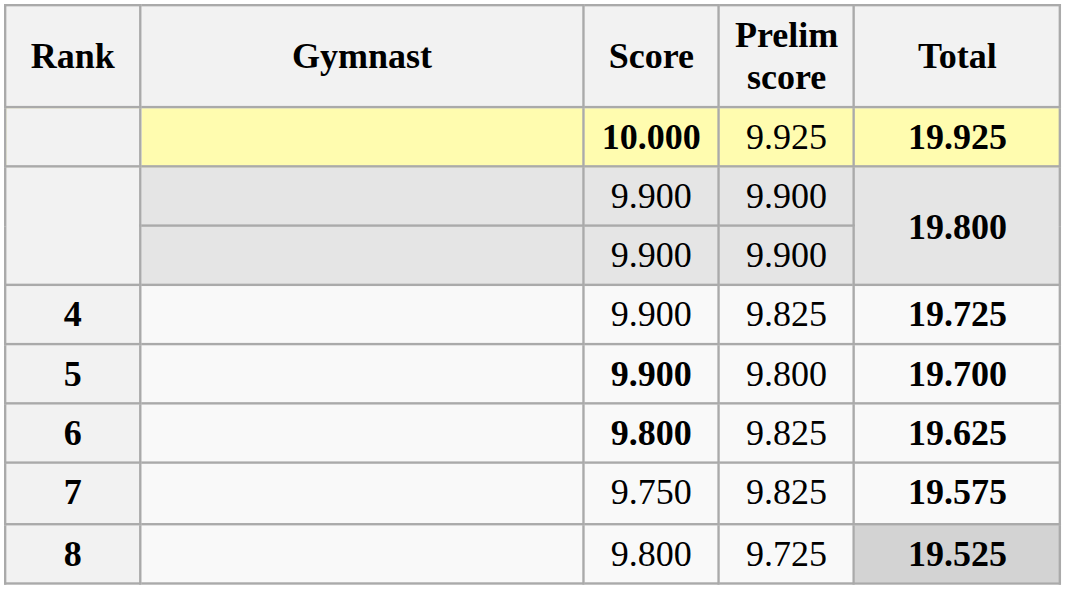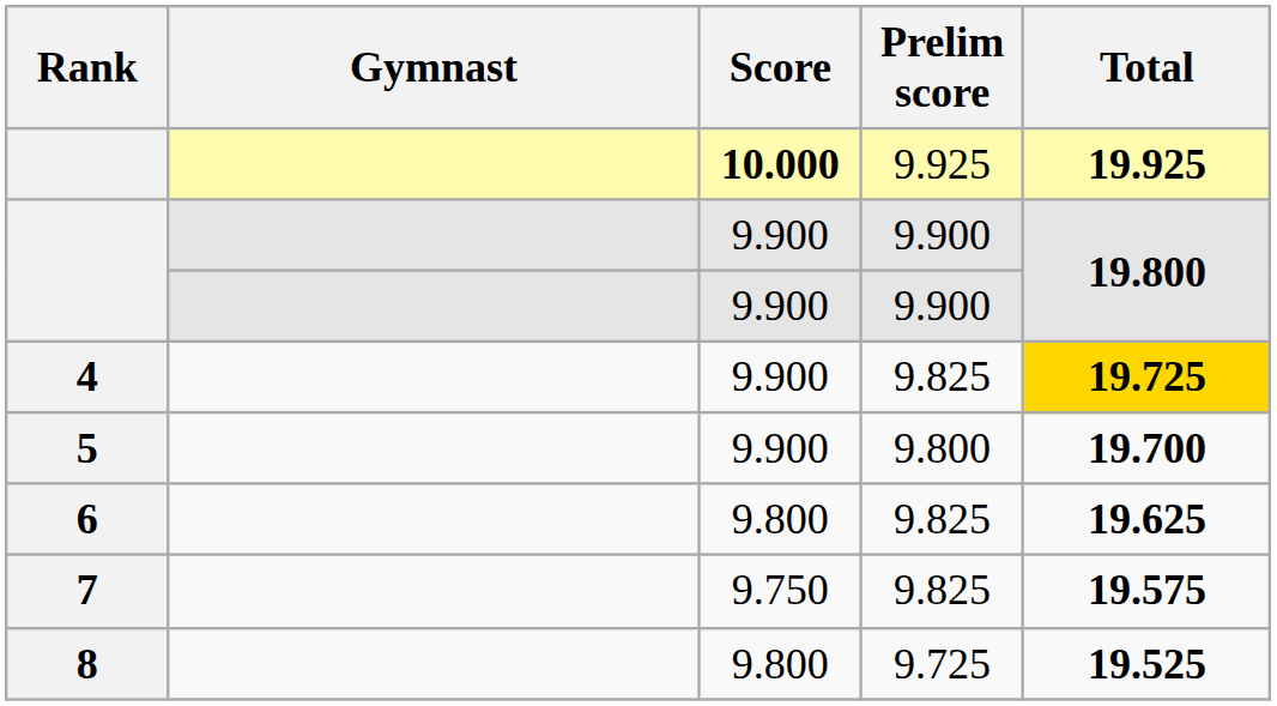 <table class="wikitable sortable" style="text-align:center; font-size:95%">
 <tr>
 <th scope="col" style="width:50px;">Rank</th>
 <th scope="col" style="width:180px;">Gymnast</th>
 <th scope="col" style="width:50px;">Score</th>
 <th scope="col" style="width:50px;">Prelim score</th>
 <th scope="col" style="width:80px;">Total</th>
 </tr>
 <tr style="background:#fffcaf;">
 <th scope=row style="text-align:center"></th>
 <td style="text-align:left;"></td>
 <td><strong>10.000</strong></td>
 <td>9.925</td>
 <td><strong>19.925</strong></td>
 </tr>
 <tr style="background:#e5e5e5;">
 <th rowspan="2" scope="row" style="text-align:center"></th>
 <td style="text-align:left;"></td>
 <td>9.900</td>
 <td>9.900</td>
 <td rowspan="2"><strong>19.800</strong></td>
 </tr>
 <tr style="background:#e5e5e5;">
 <td style="text-align:left;"></td>
 <td>9.900</td>
 <td>9.900</td>
 </tr>
 <tr>
 <th>4</th>
 <td align=left></td>
 <td>9.900</td>
 <td>9.825</td>
-<td><strong>19.725</strong></td>
+<td style="background: gold;"><strong>19.725</strong></td>
 </tr>
 <tr>
 <th>5</th>
 <td align=left></td>
-<td><strong>9.900</strong></td>
+<td>9.900</td>
 <td>9.800</td>
 <td><strong>19.700</strong></td>
 </tr>
 <tr>
 <th>6</th>
 <td align=left></td>
-<td><strong>9.800</strong></td>
+<td>9.800</td>
 <td>9.825</td>
 <td><strong>19.625</strong></td>
 </tr>
 <tr>
 <th>7</th>
 <td align=left></td>
 <td>9.750</td>
 <td>9.825</td>
 <td><strong>19.575</strong></td>
 </tr>
 <tr>
 <th>8</th>
 <td align=left></td>
 <td>9.800</td>
 <td>9.725</td>
-<td style="background: lightgrey;"><strong>19.525</strong></td>
+<td><strong>19.525</strong></td>
 </tr>
 </table>
